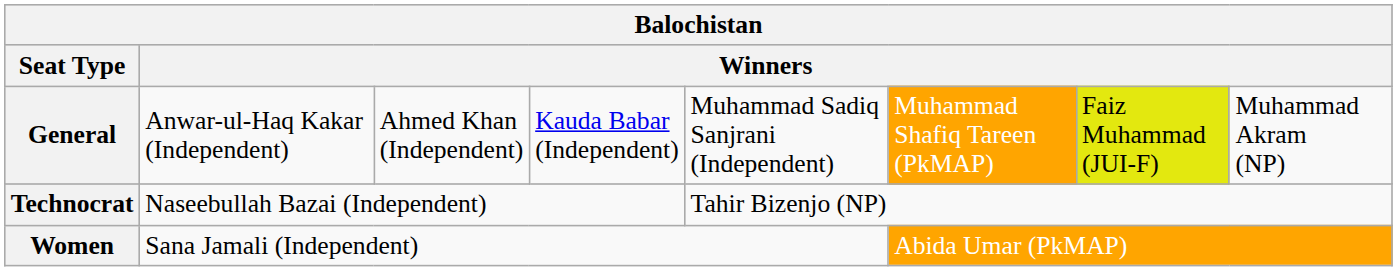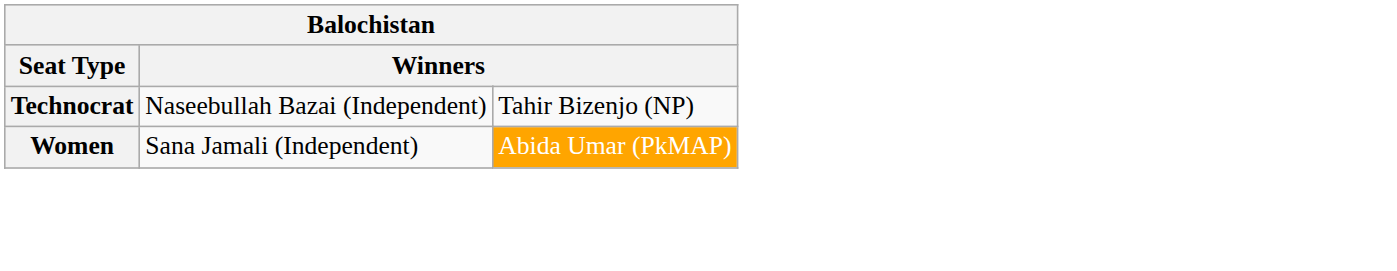 <table class="wikitable">
 <tr>
 <th colspan="8">Balochistan</th>
 </tr>
 <tr>
 <th>Seat Type</th>
 <th colspan="7">Winners</th>
-</tr>
-<tr>
-<th>General</th>
-<td style="background:">Anwar-ul-Haq Kakar (Independent)</td>
-<td style="background:">Ahmed Khan<br>(Independent)</td>
-<td style="background:"><a href='#'>Kauda Babar</a><br>(Independent)</td>
-<td style="background:">Muhammad Sadiq Sanjrani<br>(Independent)</td>
-<td style="background:orange;color:white">Muhammad Shafiq Tareen<br>(PkMAP)</td>
-<td style="background:#E3E80F">Faiz Muhammad<br>(JUI-F)</td>
-<td style="background:">Muhammad Akram<br>(NP)</td>
 </tr>
 <tr>
 <th>Technocrat</th>
 <td colspan="3" style="background:">Naseebullah Bazai (Independent)</td>
 <td colspan="4" style="background:">Tahir Bizenjo (NP)</td>
 </tr>
 <tr>
 <th>Women</th>
 <td colspan="4" style="background:">Sana Jamali (Independent)</td>
 <td colspan="3" style="background:orange;color:white">Abida Umar (PkMAP)</td>
 </tr>
 </table>
